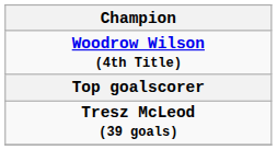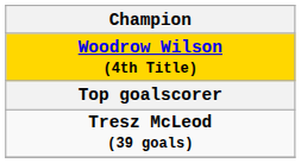 <table class="wikitable" style="margin: 0 auto; width: 220px;">
 <tr>
 <th>Champion</th>
 </tr>
 <tr>
-<td align="center"><strong> <a href='#'>Woodrow Wilson</a> </strong><br><small><strong>(4th Title)</strong></small></td>
+<td align="center" style="background: gold;"><strong> <a href='#'>Woodrow Wilson</a> </strong><br><small><strong>(4th Title)</strong></small></td>
 </tr>
 <tr>
 <th>Top goalscorer</th>
 </tr>
 <tr>
 <td align="center"><strong> Tresz McLeod </strong><br><small><strong>(39 goals)</strong></small></td>
 </tr>
 <tr>
 </tr>
 </table>
